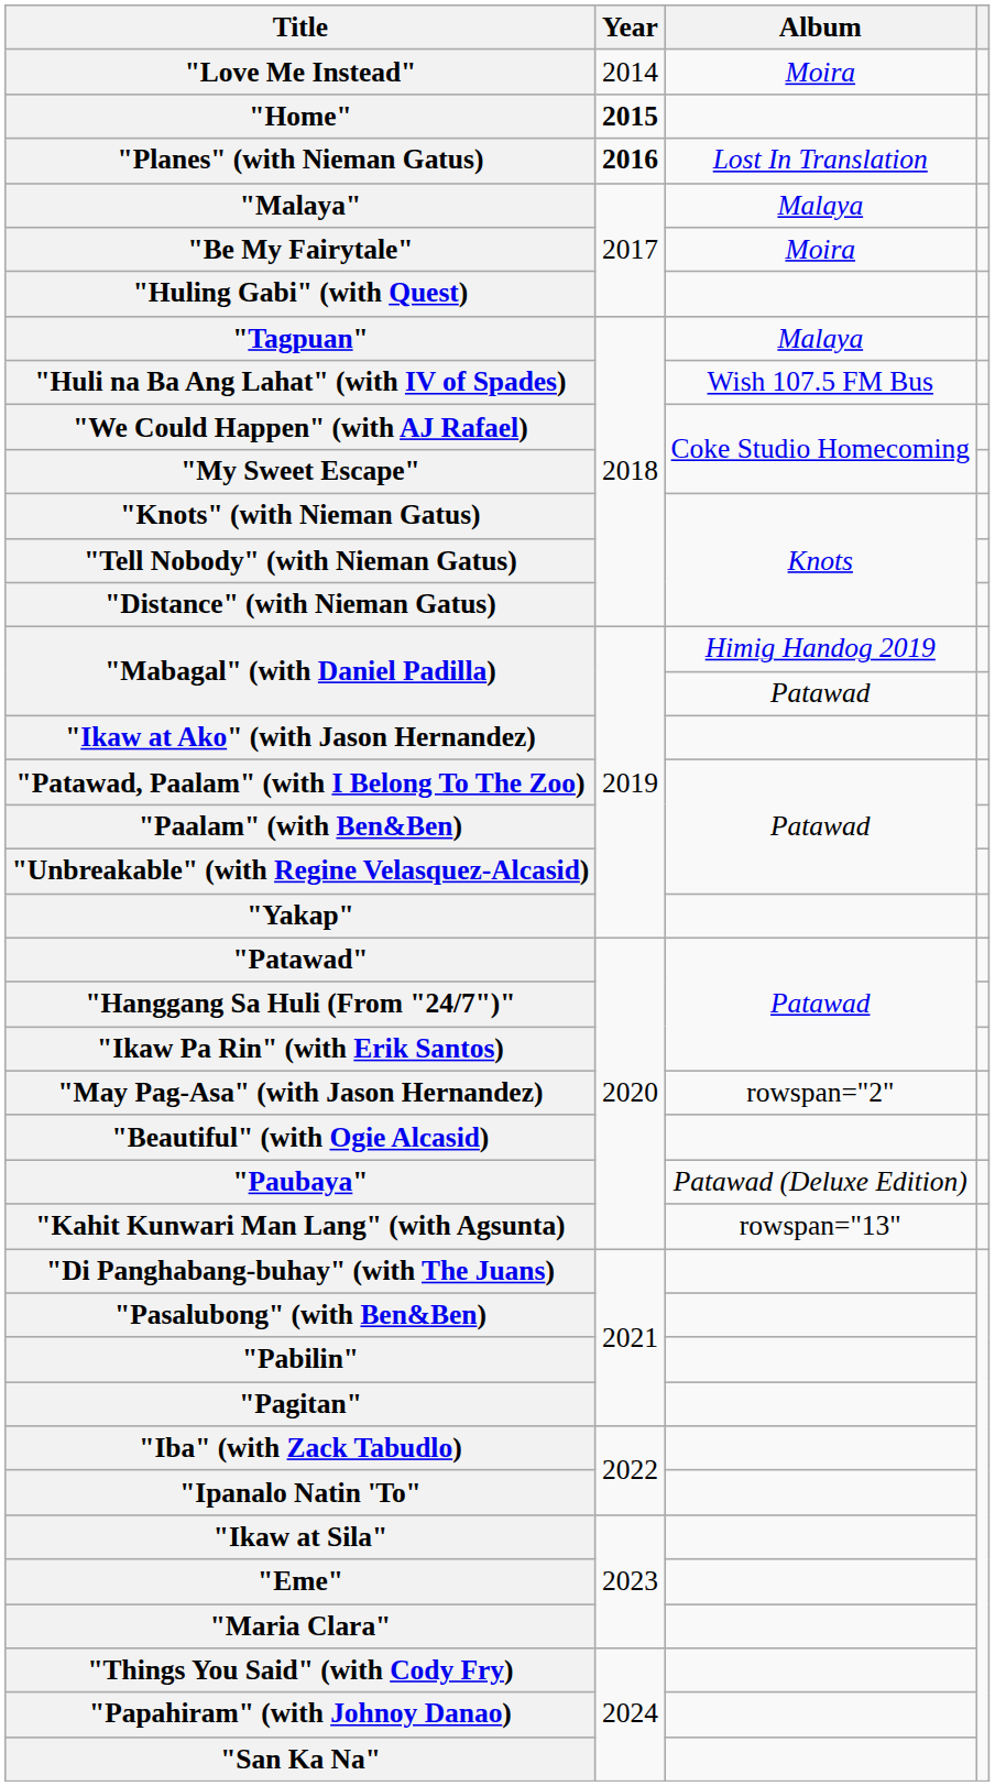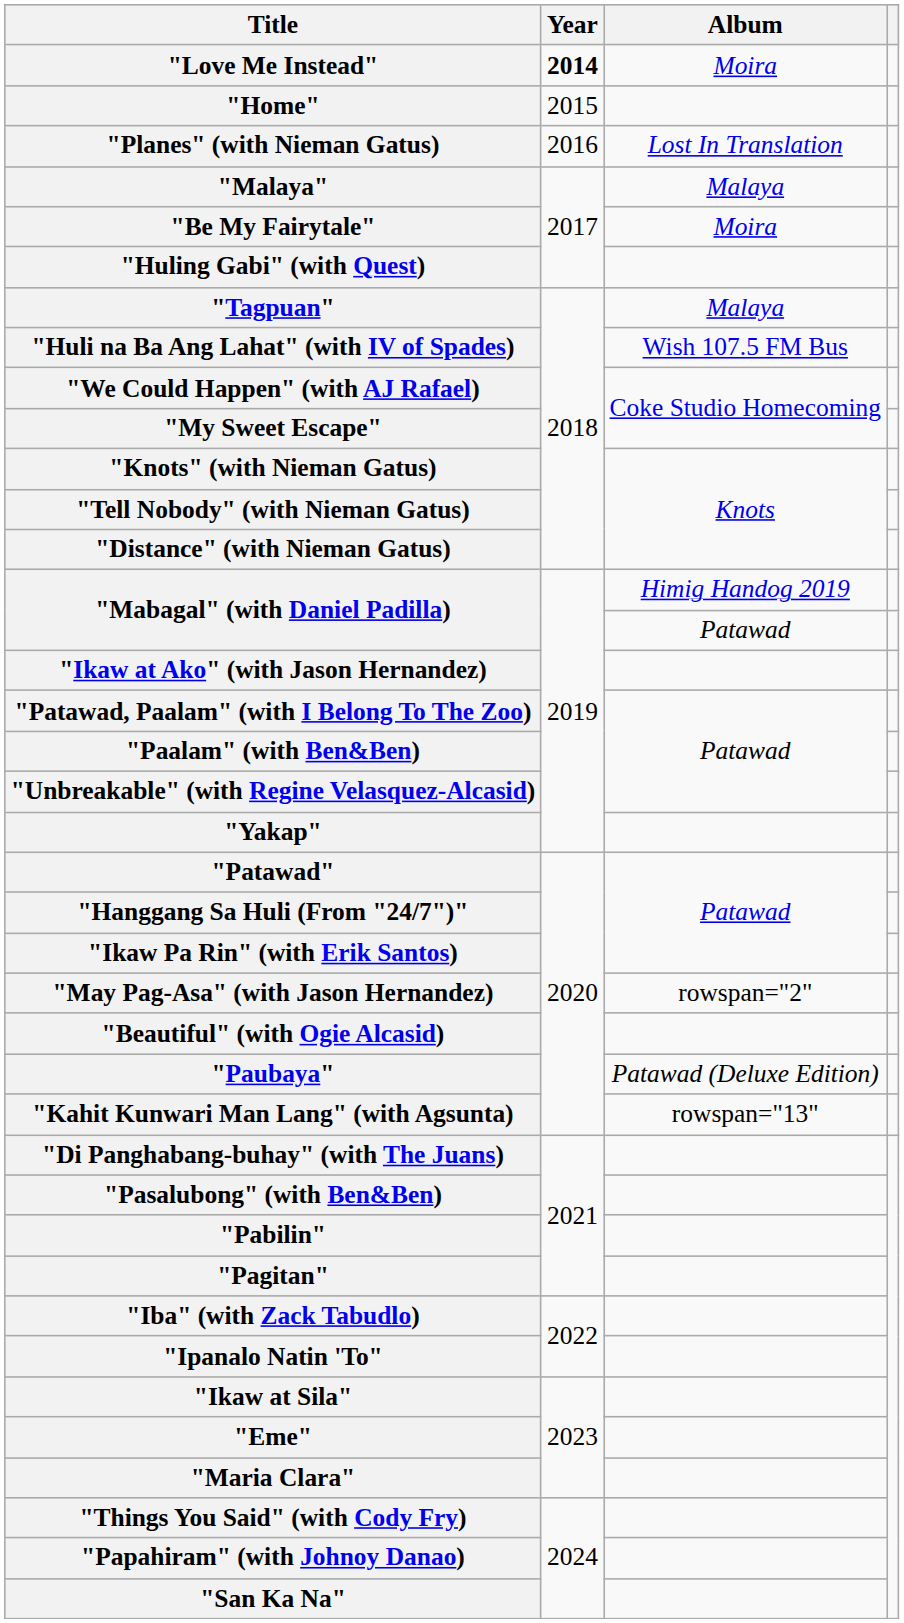 <table class="wikitable plainrowheaders" style="text-align:center">
 <tr>
 <th>Title</th>
 <th>Year</th>
 <th>Album</th>
 <th></th>
 </tr>
 <tr>
 <th scope="row">"Love Me Instead"</th>
-<td>2014</td>
+<td><strong>2014</strong></td>
 <td><em><a href='#'>Moira</a></em></td>
 <td></td>
 </tr>
 <tr>
 <th scope="row">"Home"</th>
-<td><strong>2015</strong></td>
+<td>2015</td>
 <td></td>
 <td></td>
 </tr>
 <tr>
 <th scope="row">"Planes" <span>(with Nieman Gatus)</span></th>
-<td><strong>2016</strong></td>
+<td>2016</td>
 <td><em><a href='#'>Lost In Translation</a></em></td>
 <td></td>
 </tr>
 <tr>
 <th scope="row">"Malaya"</th>
 <td rowspan="3">2017</td>
 <td><em><a href='#'>Malaya</a></em></td>
 <td></td>
 </tr>
 <tr>
 <th scope="row">"Be My Fairytale"</th>
 <td><em><a href='#'>Moira</a></em></td>
 <td></td>
 </tr>
 <tr>
 <th scope="row">"Huling Gabi" <span>(with <a href='#'>Quest</a>)</span></th>
 <td></td>
 <td></td>
 </tr>
 <tr>
 <th scope="row">"<a href='#'>Tagpuan</a>"</th>
 <td rowspan="7">2018</td>
 <td><em><a href='#'>Malaya</a></em></td>
 <td></td>
 </tr>
 <tr>
 <th scope="row">"Huli na Ba Ang Lahat" <span>(with <a href='#'>IV of Spades</a>)</span></th>
 <td><a href='#'>Wish 107.5 FM Bus</a></td>
 <td></td>
 </tr>
 <tr>
 <th scope="row">"We Could Happen" <span>(with <a href='#'>AJ Rafael</a>)</span></th>
 <td rowspan="2"><a href='#'>Coke Studio Homecoming</a></td>
 <td></td>
 </tr>
 <tr>
 <th scope="row">"My Sweet Escape"</th>
 <td></td>
 </tr>
 <tr>
 <th scope="row">"Knots" <span>(with Nieman Gatus)</span></th>
 <td rowspan="3"><em><a href='#'>Knots</a></em></td>
 <td></td>
 </tr>
 <tr>
 <th scope="row">"Tell Nobody" <span>(with Nieman Gatus)</span></th>
 <td></td>
 </tr>
 <tr>
 <th scope="row">"Distance" <span>(with Nieman Gatus)</span></th>
 <td></td>
 </tr>
 <tr>
 <th scope="row" rowspan="2">"Mabagal" <span>(with <a href='#'>Daniel Padilla</a>)</span></th>
 <td rowspan="7">2019</td>
 <td><em><a href='#'>Himig Handog 2019</a></em></td>
 <td></td>
 </tr>
 <tr>
 <td><em>Patawad</em></td>
 <td></td>
 </tr>
 <tr>
 <th scope="row">"<a href='#'>Ikaw at Ako</a>" <span>(with Jason Hernandez)</span></th>
 <td></td>
 <td></td>
 </tr>
 <tr>
 <th scope="row">"Patawad, Paalam" <span>(with <a href='#'>I Belong To The Zoo</a>)</span></th>
 <td rowspan="3"><em>Patawad</em></td>
 <td></td>
 </tr>
 <tr>
 <th scope="row">"Paalam" <span>(with <a href='#'>Ben&Ben</a>)</span></th>
 <td></td>
 </tr>
 <tr>
 <th scope="row">"Unbreakable" <span>(with <a href='#'>Regine Velasquez-Alcasid</a>)</span></th>
 <td></td>
 </tr>
 <tr>
 <th scope="row">"Yakap"</th>
 <td></td>
 <td></td>
 </tr>
 <tr>
 <th scope="row">"Patawad"</th>
 <td rowspan="7">2020</td>
 <td rowspan="3"><em><a href='#'>Patawad</a></em></td>
 <td></td>
 </tr>
 <tr>
 <th scope="row">"Hanggang Sa Huli (From "24/7")"</th>
 <td></td>
 </tr>
 <tr>
 <th scope="row">"Ikaw Pa Rin" <span>(with <a href='#'>Erik Santos</a>)</span></th>
 <td></td>
 </tr>
 <tr>
 <th scope="row">"May Pag-Asa" <span>(with Jason Hernandez)</span></th>
 <td>rowspan="2" </td>
 <td></td>
 </tr>
 <tr>
 <th scope="row">"Beautiful" <span>(with <a href='#'>Ogie Alcasid</a>)</span></th>
 <td></td>
 </tr>
 <tr>
 <th scope="row">"<a href='#'>Paubaya</a>"</th>
 <td><em>Patawad (Deluxe Edition)</em></td>
 <td></td>
 </tr>
 <tr>
 <th scope="row">"Kahit Kunwari Man Lang" <span>(with Agsunta)</span></th>
 <td>rowspan="13" </td>
 <td></td>
 </tr>
 <tr>
 <th scope="row">"Di Panghabang-buhay" <span>(with <a href='#'>The Juans</a>)</span></th>
 <td rowspan="4">2021</td>
 <td></td>
 </tr>
 <tr>
 <th scope="row">"Pasalubong" <span>(with <a href='#'>Ben&Ben</a>)</span></th>
 <td></td>
 </tr>
 <tr>
 <th scope="row">"Pabilin"</th>
 <td></td>
 </tr>
 <tr>
 <th scope="row">"Pagitan"</th>
 <td></td>
 </tr>
 <tr>
 <th scope="row">"Iba" (with <a href='#'>Zack Tabudlo</a>)</th>
 <td rowspan="2">2022</td>
 <td></td>
 </tr>
 <tr>
 <th scope="row">"Ipanalo Natin 'To"</th>
 <td></td>
 </tr>
 <tr>
 <th scope="row">"Ikaw at Sila"</th>
 <td rowspan="3">2023</td>
 <td></td>
 </tr>
 <tr>
 <th scope="row">"Eme"</th>
 <td></td>
 </tr>
 <tr>
 <th scope="row">"Maria Clara"</th>
 <td></td>
 </tr>
 <tr>
 <th scope="row">"Things You Said" (with <a href='#'>Cody Fry</a>)</th>
 <td rowspan="3">2024</td>
 <td></td>
 </tr>
 <tr>
 <th scope="row">"Papahiram" (with <a href='#'>Johnoy Danao</a>)</th>
 <td></td>
 </tr>
 <tr>
 <th scope="row">"San Ka Na"</th>
 <td></td>
 </tr>
 </table>
